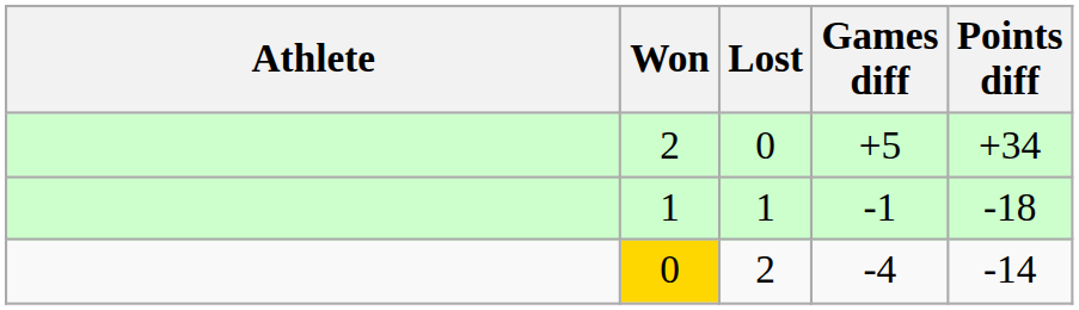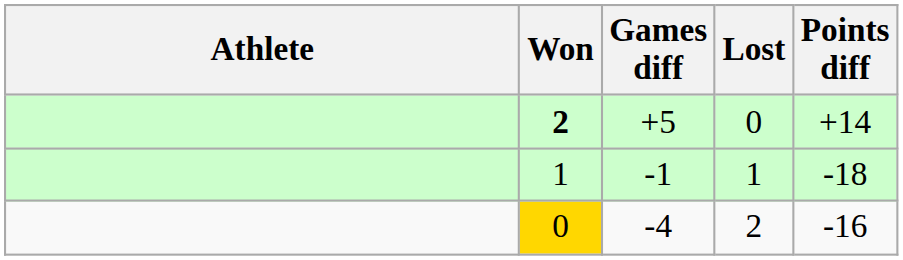 <table class="wikitable">
 <tr>
 <th style="width:15em">Athlete</th>
 <th>Won</th>
+<th>Games<br>diff</th>
 <th>Lost</th>
-<th>Games<br>diff</th>
 <th>Points<br>diff</th>
 </tr>
 <tr bgcolor="#ccffcc">
 <td></td>
-<td align="center">2</td>
+<td align="center"><strong>2</strong></td>
+<td align="center">+5</td>
 <td align="center">0</td>
-<td align="center">+5</td>
-<td align="center">+34</td>
+<td align="center">+14</td>
 </tr>
 <tr bgcolor="#ccffcc">
 <td></td>
 <td align="center">1</td>
+<td align="center">-1</td>
 <td align="center">1</td>
-<td align="center">-1</td>
 <td align="center">-18</td>
 </tr>
 <tr>
 <td></td>
 <td align="center" style="background: gold;">0</td>
+<td align="center">-4</td>
 <td align="center">2</td>
-<td align="center">-4</td>
-<td align="center">-14</td>
+<td align="center">-16</td>
 </tr>
 </table>
